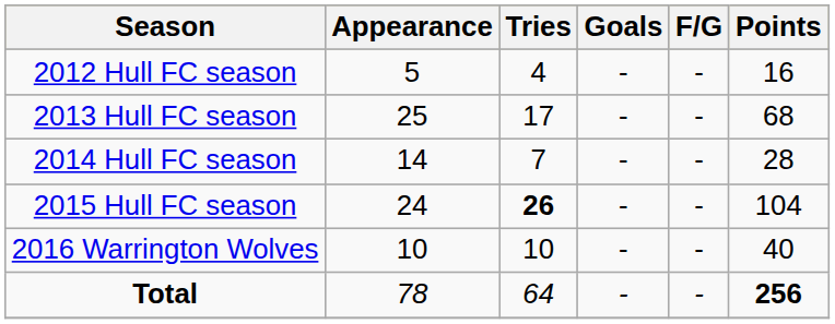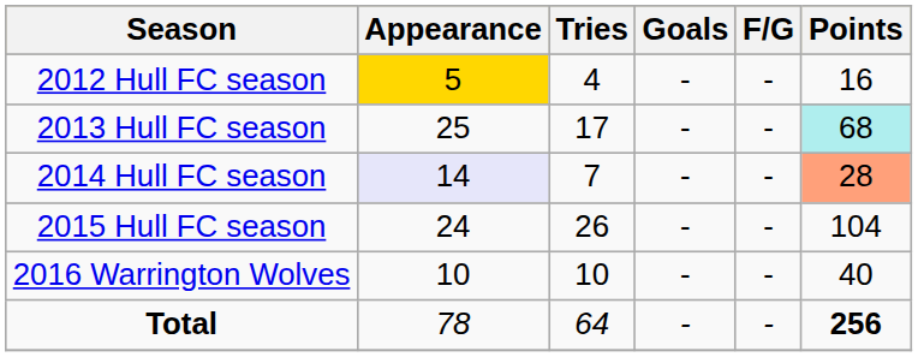 <table class="wikitable" style="text-align:center;">
 <tr bgcolor=#bdb76b>
 <th>Season</th>
 <th>Appearance</th>
 <th>Tries</th>
 <th>Goals</th>
 <th>F/G</th>
 <th>Points</th>
 </tr>
 <tr>
 <td><a href='#'>2012 Hull FC season</a></td>
-<td>5</td>
+<td style="background: gold;">5</td>
 <td>4</td>
 <td>-</td>
 <td>-</td>
 <td>16</td>
 </tr>
 <tr>
 <td><a href='#'>2013 Hull FC season</a></td>
 <td>25</td>
 <td>17</td>
 <td>-</td>
 <td>-</td>
-<td>68</td>
+<td style="background: paleturquoise;">68</td>
 </tr>
 <tr>
 <td><a href='#'>2014 Hull FC season</a></td>
-<td>14</td>
+<td style="background: lavender;">14</td>
 <td>7</td>
 <td>-</td>
 <td>-</td>
-<td>28</td>
+<td style="background: lightsalmon;">28</td>
 </tr>
 <tr>
 <td><a href='#'>2015 Hull FC season</a></td>
 <td>24</td>
-<td><strong>26</strong></td>
+<td>26</td>
 <td>-</td>
 <td>-</td>
 <td>104</td>
 </tr>
 <tr>
 <td><a href='#'>2016 Warrington Wolves</a></td>
 <td>10</td>
 <td>10</td>
 <td>-</td>
 <td>-</td>
 <td>40</td>
 </tr>
 <tr>
 <td><strong>Total</strong></td>
 <td><em>78</em></td>
 <td><em>64</em></td>
 <td><em>-</em></td>
 <td><em>-</em></td>
 <td><strong>256</strong></td>
 </tr>
 <tr>
 </tr>
 </table>
